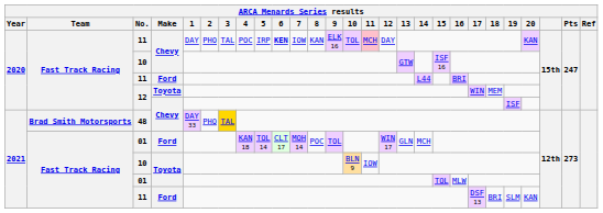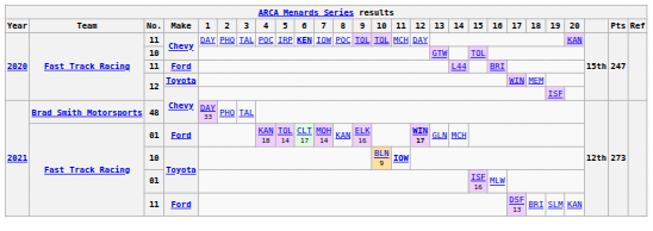 <table class="wikitable" style="text-align:center; font-size:75%">
 <tr>
 <th colspan=27><a href='#'>ARCA Menards Series</a> results</th>
 </tr>
 <tr>
 <th>Year</th>
 <th>Team</th>
 <th>No.</th>
 <th>Make</th>
 <th>1</th>
 <th>2</th>
 <th>3</th>
 <th>4</th>
 <th>5</th>
 <th>6</th>
 <th>7</th>
 <th>8</th>
 <th>9</th>
 <th>10</th>
 <th>11</th>
 <th>12</th>
 <th>13</th>
 <th>14</th>
 <th>15</th>
 <th>16</th>
 <th>17</th>
 <th>18</th>
 <th>19</th>
 <th>20</th>
 <th></th>
 <th>Pts</th>
 <th>Ref</th>
 </tr>
 <tr>
 <th rowspan=5><a href='#'>2020</a></th>
 <th rowspan="5"><a href='#'>Fast Track Racing</a></th>
 <th>11</th>
 <th rowspan=2><a href='#'>Chevy</a></th>
 <td><a href='#'>DAY</a></td>
 <td><a href='#'>PHO</a></td>
 <td><a href='#'>TAL</a></td>
 <td><a href='#'>POC</a></td>
 <td><a href='#'>IRP</a></td>
 <td><strong><a href='#'>KEN</a></strong></td>
 <td><a href='#'>IOW</a></td>
-<td><a href='#'>KAN</a></td>
-<td style="background:#EFCFFF;"><a href='#'>ELK</a><br><small>16</small></td>
+<td><a href='#'>POC</a></td>
 <td style="background:#EFCFFF;"><a href='#'>TOL</a><br></td>
-<td style="background: pink;"><a href='#'>MCH</a></td>
+<td style="background:#EFCFFF;"><a href='#'>TOL</a><br></td>
+<td><a href='#'>MCH</a></td>
 <td><a href='#'>DAY</a></td>
 <td colspan=7></td>
 <td style="background:#EFCFFF;"><a href='#'>KAN</a><br></td>
 <th rowspan=5>15th</th>
 <th rowspan=5>247</th>
 <th rowspan=5></th>
 </tr>
 <tr>
 <th>10</th>
 <td colspan=12></td>
 <td style="background:#EFCFFF;"><a href='#'>GTW</a><br></td>
 <td></td>
-<td style="background:#EFCFFF;"><a href='#'>ISF</a><br><small>16</small></td>
+<td style="background:#EFCFFF;"><a href='#'>TOL</a><br></td>
 <td colspan=5></td>
 </tr>
 <tr>
 <th>11</th>
 <th><a href='#'>Ford</a></th>
 <td colspan=13></td>
 <td style="background:#EFCFFF;"><a href='#'>L44</a><br></td>
 <td></td>
 <td style="background:#EFCFFF;"><a href='#'>BRI</a><br></td>
 <td colspan=4></td>
 </tr>
 <tr>
 <th rowspan=2>12</th>
 <th><a href='#'>Toyota</a></th>
 <td colspan=16></td>
 <td style="background:#EFCFFF;"><a href='#'>WIN</a><br></td>
 <td><a href='#'>MEM</a></td>
 <td colspan=2></td>
 </tr>
 <tr>
 <th rowspan=2><a href='#'>Chevy</a></th>
 <td colspan=18></td>
 <td style="background:#EFCFFF;"><a href='#'>ISF</a><br></td>
 <td></td>
 </tr>
 <tr>
 <th rowspan=5><a href='#'>2021</a></th>
 <th><a href='#'>Brad Smith Motorsports</a></th>
 <th>48</th>
 <td style="background:#EFCFFF;"><a href='#'>DAY</a><br><small>33</small></td>
 <td><a href='#'>PHO</a></td>
-<td style="background: gold;"><a href='#'>TAL</a></td>
+<td><a href='#'>TAL</a></td>
 <td colspan=17></td>
 <th rowspan=5>12th</th>
 <th rowspan=5>273</th>
 <th rowspan=5></th>
 </tr>
 <tr>
 <th rowspan="4"><a href='#'>Fast Track Racing</a></th>
 <th>01</th>
 <th><a href='#'>Ford</a></th>
 <td colspan=3></td>
 <td style="background:#EFCFFF;"><a href='#'>KAN</a><br><small>18</small></td>
 <td style="background:#EFCFFF;"><a href='#'>TOL</a><br><small>14</small></td>
 <td style="background:#DFFFDF;"><a href='#'>CLT</a><br><small>17</small></td>
 <td style="background:#EFCFFF;"><a href='#'>MOH</a><br><small>14</small></td>
-<td><a href='#'>POC</a></td>
-<td style="background:#EFCFFF;"><a href='#'>TOL</a><br></td>
+<td><a href='#'>KAN</a></td>
+<td style="background:#EFCFFF;"><a href='#'>ELK</a><br><small>16</small></td>
 <td colspan=2></td>
-<td style="background:#EFCFFF;"><a href='#'>WIN</a><br><small>17</small></td>
+<td style="background:#EFCFFF;"><strong><a href='#'>WIN</a><br><small>17</small></strong></td>
 <td><a href='#'>GLN</a></td>
 <td><a href='#'>MCH</a></td>
 <td colspan=6></td>
 </tr>
 <tr>
 <th>10</th>
 <th rowspan=2><a href='#'>Toyota</a></th>
 <td colspan=9></td>
 <td style="background:#FFDF9F;"><a href='#'>BLN</a><br><small>9</small></td>
-<td><a href='#'>IOW</a></td>
+<td><strong><a href='#'>IOW</a></strong></td>
 <td colspan=9></td>
 </tr>
 <tr>
 <th>01</th>
 <td colspan=14></td>
-<td style="background:#EFCFFF;"><a href='#'>TOL</a><br></td>
+<td style="background:#EFCFFF;"><a href='#'>ISF</a><br><small>16</small></td>
 <td><a href='#'>MLW</a></td>
 <td colspan=4></td>
 </tr>
 <tr>
 <th>11</th>
 <th><a href='#'>Ford</a></th>
 <td colspan=16></td>
 <td style="background:#EFCFFF;"><a href='#'>DSF</a><br><small>13</small></td>
 <td><a href='#'>BRI</a></td>
 <td><a href='#'>SLM</a></td>
 <td><a href='#'>KAN</a></td>
 </tr>
 </table>
